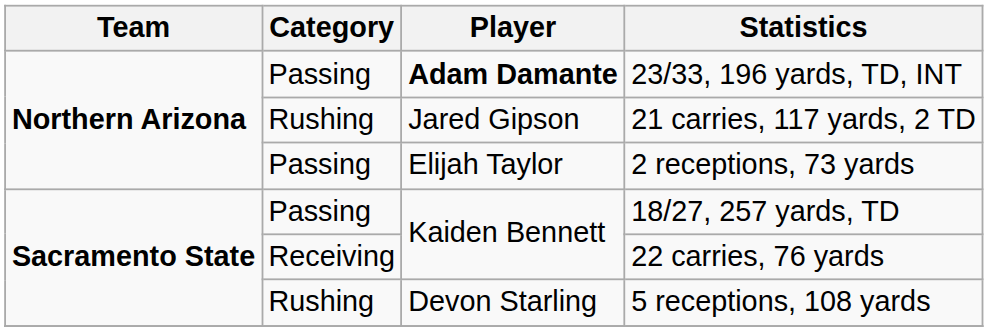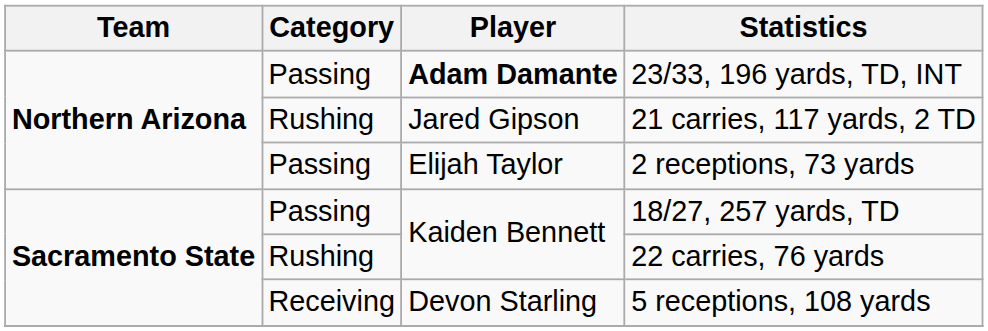 <table class="wikitable" style="float: right;">
 <tr>
 <th>Team</th>
 <th>Category</th>
 <th>Player</th>
 <th>Statistics</th>
 </tr>
 <tr>
 <td rowspan=3><strong>Northern Arizona</strong></td>
 <td>Passing</td>
 <td><strong>Adam Damante</strong></td>
 <td>23/33, 196 yards, TD, INT</td>
 </tr>
 <tr>
 <td>Rushing</td>
 <td>Jared Gipson</td>
 <td>21 carries, 117 yards, 2 TD</td>
 </tr>
 <tr>
 <td>Passing</td>
 <td>Elijah Taylor</td>
 <td>2 receptions, 73 yards</td>
 </tr>
 <tr>
 <td rowspan=3><strong>Sacramento State</strong></td>
 <td>Passing</td>
 <td rowspan="2">Kaiden Bennett</td>
 <td>18/27, 257 yards, TD</td>
 </tr>
 <tr>
-<td>Receiving</td>
+<td>Rushing</td>
 <td>22 carries, 76 yards</td>
 </tr>
 <tr>
-<td>Rushing</td>
+<td>Receiving</td>
 <td>Devon Starling</td>
 <td>5 receptions, 108 yards</td>
 </tr>
 <tr>
 </tr>
 </table>
